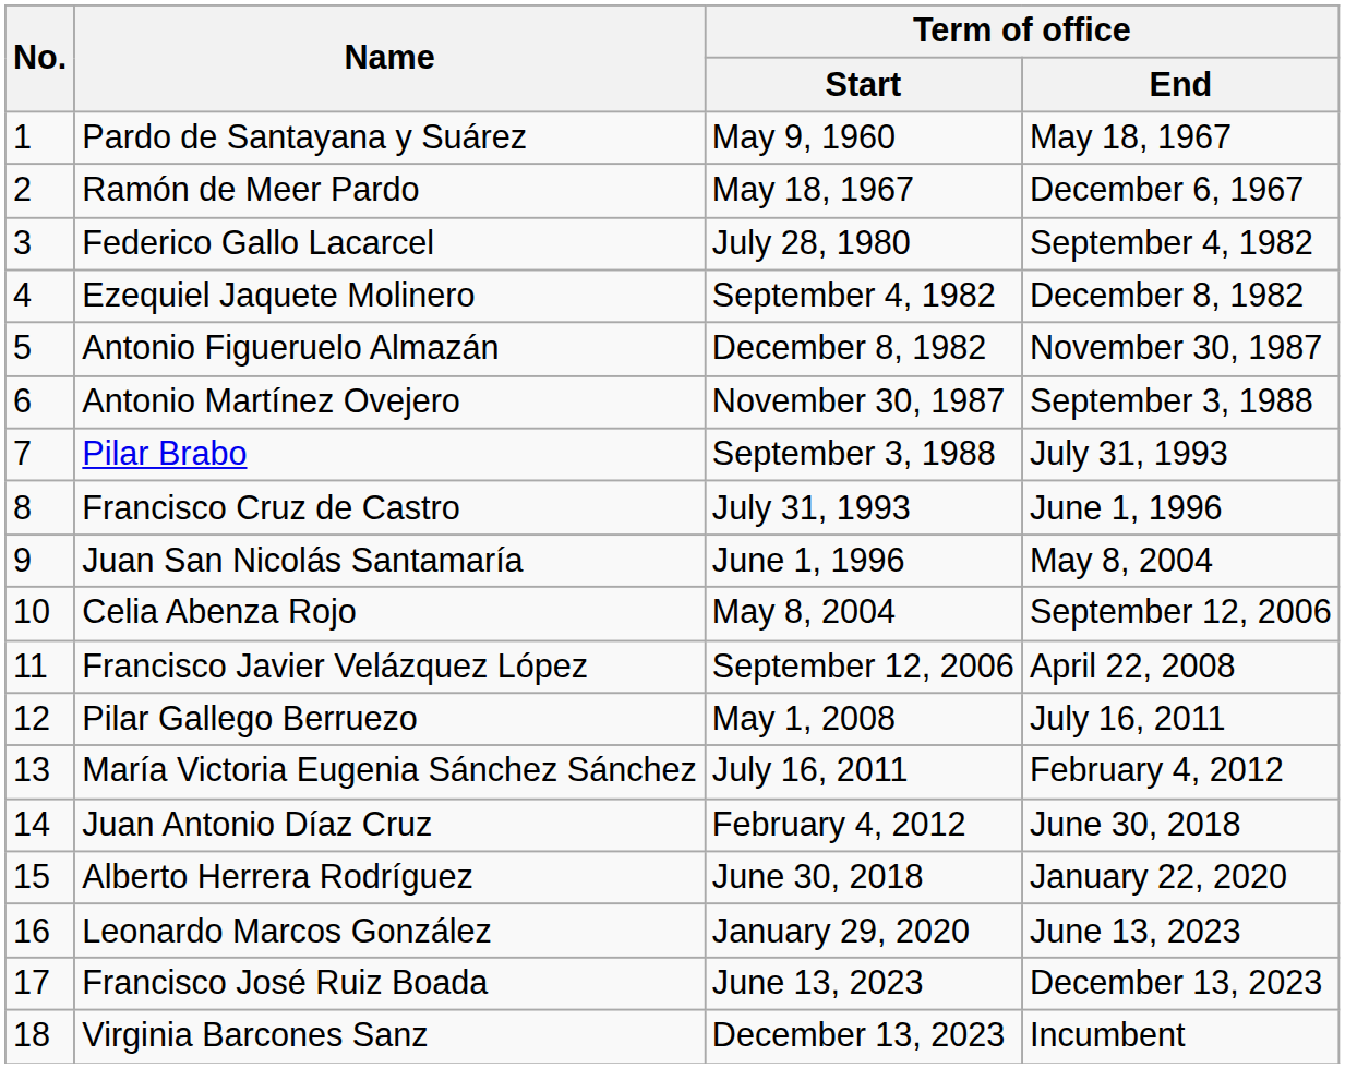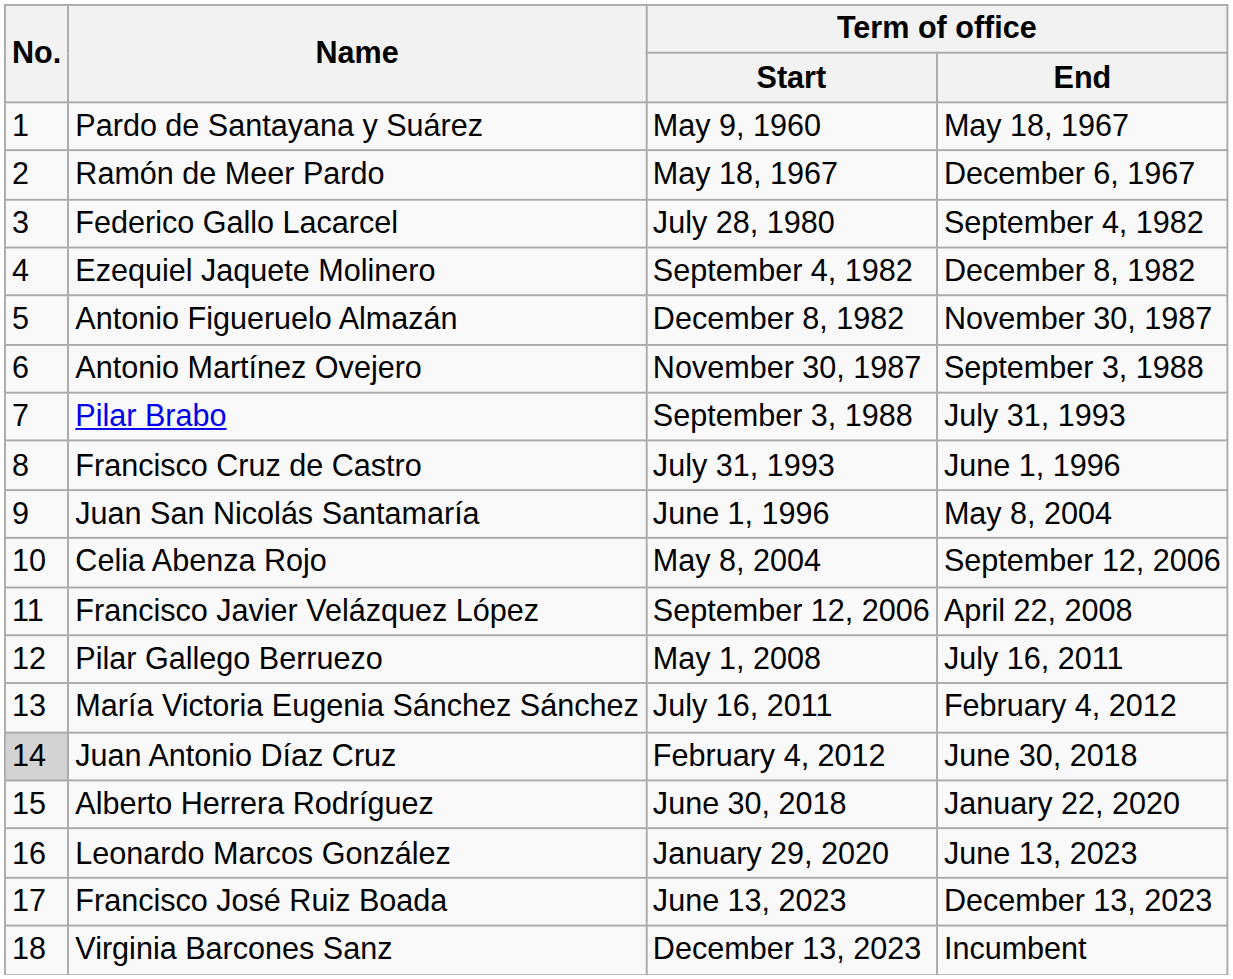 <table class="wikitable">
 <tr>
 <th rowspan="2">No.</th>
 <th rowspan="2">Name</th>
 <th colspan="2">Term of office</th>
 </tr>
 <tr>
 <th>Start</th>
 <th>End</th>
 </tr>
 <tr>
 <td>1</td>
 <td>Pardo de Santayana y Suárez</td>
 <td>May 9, 1960</td>
 <td>May 18, 1967</td>
 </tr>
 <tr>
 <td>2</td>
 <td>Ramón de Meer Pardo</td>
 <td>May 18, 1967</td>
 <td>December 6, 1967</td>
 </tr>
 <tr>
 <td>3</td>
 <td>Federico Gallo Lacarcel</td>
 <td>July 28, 1980</td>
 <td>September 4, 1982</td>
 </tr>
 <tr>
 <td>4</td>
 <td>Ezequiel Jaquete Molinero</td>
 <td>September 4, 1982</td>
 <td>December 8, 1982</td>
 </tr>
 <tr>
 <td>5</td>
 <td>Antonio Figueruelo Almazán</td>
 <td>December 8, 1982</td>
 <td>November 30, 1987</td>
 </tr>
 <tr>
 <td>6</td>
 <td>Antonio Martínez Ovejero</td>
 <td>November 30, 1987</td>
 <td>September 3, 1988</td>
 </tr>
 <tr>
 <td>7</td>
 <td><a href='#'>Pilar Brabo</a></td>
 <td>September 3, 1988</td>
 <td>July 31, 1993</td>
 </tr>
 <tr>
 <td>8</td>
 <td>Francisco Cruz de Castro</td>
 <td>July 31, 1993</td>
 <td>June 1, 1996</td>
 </tr>
 <tr>
 <td>9</td>
 <td>Juan San Nicolás Santamaría</td>
 <td>June 1, 1996</td>
 <td>May 8, 2004</td>
 </tr>
 <tr>
 <td>10</td>
 <td>Celia Abenza Rojo</td>
 <td>May 8, 2004</td>
 <td>September 12, 2006</td>
 </tr>
 <tr>
 <td>11</td>
 <td>Francisco Javier Velázquez López</td>
 <td>September 12, 2006</td>
 <td>April 22, 2008</td>
 </tr>
 <tr>
 <td>12</td>
 <td>Pilar Gallego Berruezo</td>
 <td>May 1, 2008</td>
 <td>July 16, 2011</td>
 </tr>
 <tr>
 <td>13</td>
 <td>María Victoria Eugenia Sánchez Sánchez</td>
 <td>July 16, 2011</td>
 <td>February 4, 2012</td>
 </tr>
 <tr>
-<td>14</td>
+<td style="background: lightgrey;">14</td>
 <td>Juan Antonio Díaz Cruz</td>
 <td>February 4, 2012</td>
 <td>June 30, 2018</td>
 </tr>
 <tr>
 <td>15</td>
 <td>Alberto Herrera Rodríguez</td>
 <td>June 30, 2018</td>
 <td>January 22, 2020</td>
 </tr>
 <tr>
 <td>16</td>
 <td>Leonardo Marcos González</td>
 <td>January 29, 2020</td>
 <td>June 13, 2023</td>
 </tr>
 <tr>
 <td>17</td>
 <td>Francisco José Ruiz Boada</td>
 <td>June 13, 2023</td>
 <td>December 13, 2023</td>
 </tr>
 <tr>
 <td>18</td>
 <td>Virginia Barcones Sanz</td>
 <td>December 13, 2023</td>
 <td>Incumbent</td>
 </tr>
 </table>
